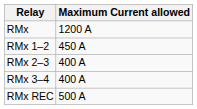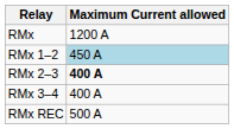 <table class="wikitable">
 <tr>
 <th>Relay</th>
 <th>Maximum Current allowed</th>
 </tr>
 <tr>
 <td>RMx</td>
 <td>1200 A</td>
 </tr>
 <tr>
 <td>RMx 1–2</td>
-<td>450 A</td>
+<td style="background: lightblue;">450 A</td>
 </tr>
 <tr>
 <td>RMx 2–3</td>
-<td>400 A</td>
+<td><strong>400 A</strong></td>
 </tr>
 <tr>
 <td>RMx 3–4</td>
 <td>400 A</td>
 </tr>
 <tr>
 <td>RMx REC</td>
 <td>500 A</td>
 </tr>
 </table>
